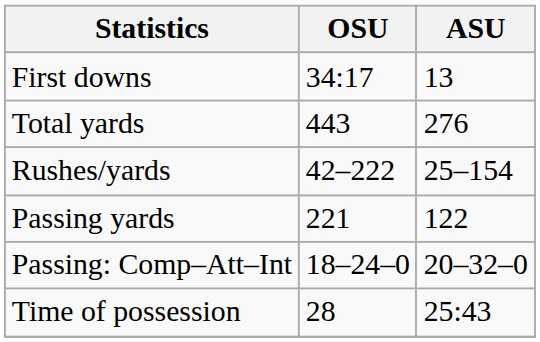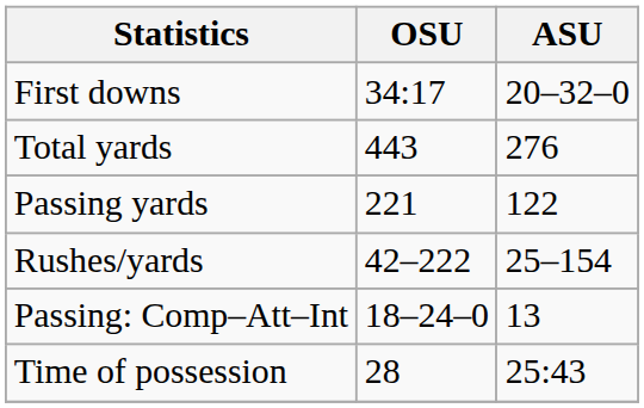 <table class="wikitable" style="float: left;">
 <tr>
 <th>Statistics</th>
 <th>OSU</th>
 <th>ASU</th>
 </tr>
 <tr>
 <td>First downs</td>
 <td>34:17</td>
-<td>13</td>
+<td>20–32–0</td>
 </tr>
 <tr>
 <td>Total yards</td>
 <td>443</td>
 <td>276</td>
 </tr>
 <tr>
+<td>Passing yards</td>
+<td>221</td>
+<td>122</td>
+</tr>
+<tr>
 <td>Rushes/yards</td>
 <td>42–222</td>
 <td>25–154</td>
 </tr>
 <tr>
-<td>Passing yards</td>
-<td>221</td>
-<td>122</td>
-</tr>
-<tr>
 <td>Passing: Comp–Att–Int</td>
 <td>18–24–0</td>
-<td>20–32–0</td>
+<td>13</td>
 </tr>
 <tr>
 <td>Time of possession</td>
 <td>28</td>
 <td>25:43</td>
 </tr>
 <tr>
 </tr>
 </table>
